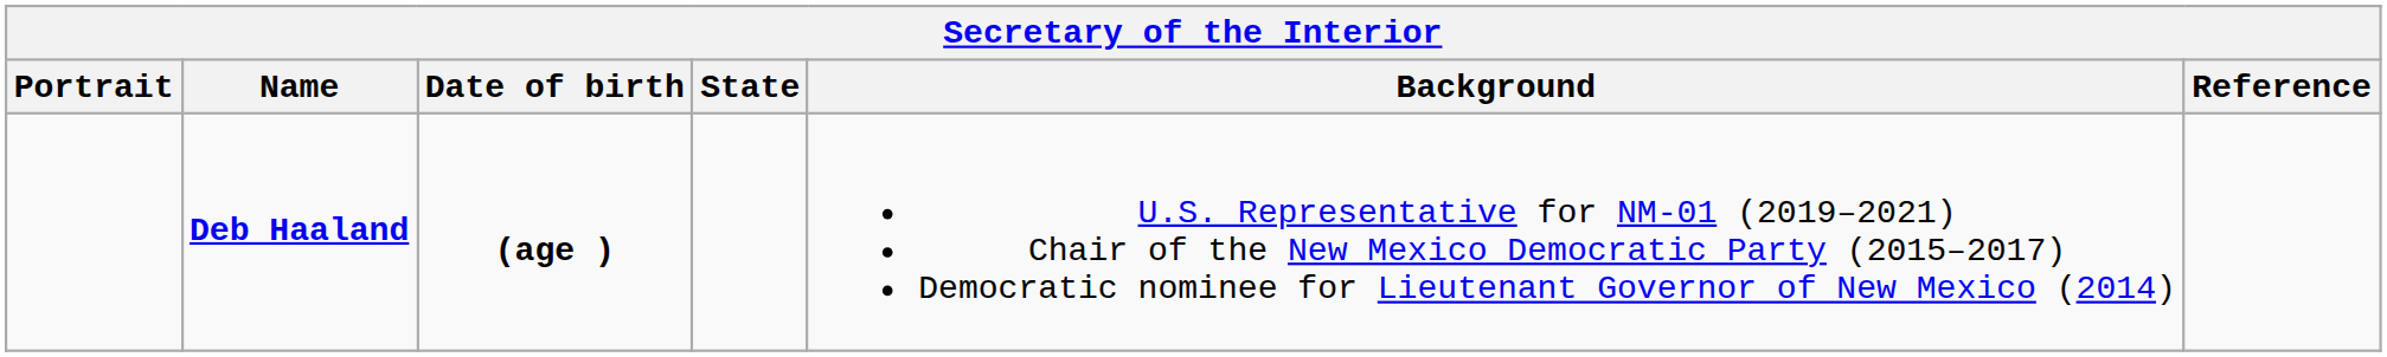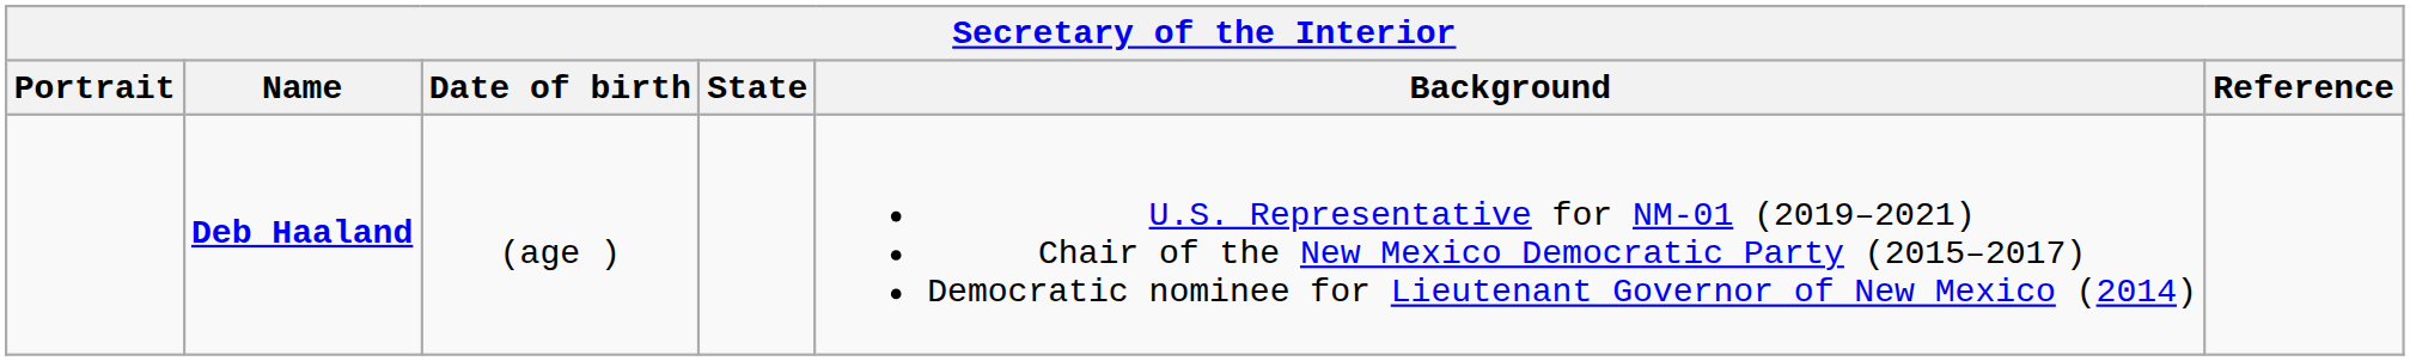 <table class="wikitable collapsible" style="text-align:center;">
 <tr>
 <th colspan="6"><a href='#'>Secretary of the Interior</a></th>
 </tr>
 <tr>
 <th>Portrait</th>
 <th>Name</th>
 <th>Date of birth</th>
 <th>State</th>
 <th>Background</th>
 <th>Reference</th>
 </tr>
 <tr>
 <td></td>
 <td><strong><a href='#'>Deb Haaland</a></strong></td>
-<td><strong><br>(age )</strong></td>
+<td><br>(age )</td>
 <td></td>
 <td><br><ul><li><a href='#'>U.S. Representative</a> for <a href='#'>NM-01</a> (2019–2021)</li><li>Chair of the <a href='#'>New Mexico Democratic Party</a> (2015–2017)</li><li>Democratic nominee for <a href='#'>Lieutenant Governor of New Mexico</a> (<a href='#'>2014</a>)</li></ul></td>
 <td></td>
 </tr>
 </table>
